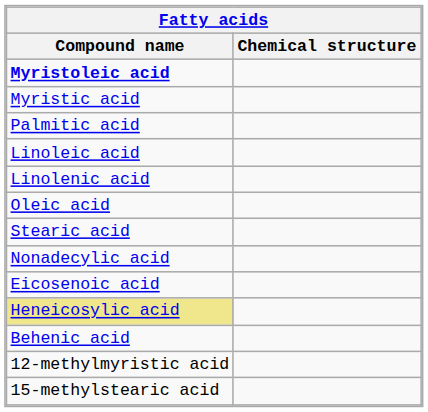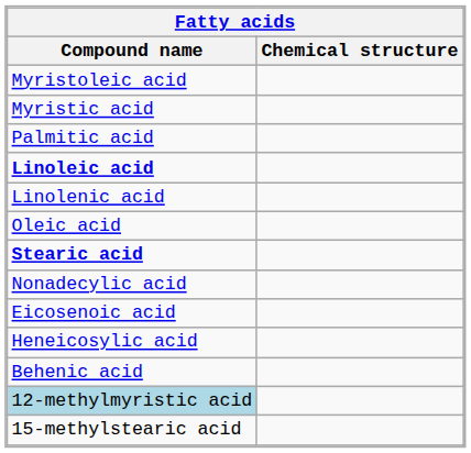 <table class="wikitable sortable" style="font-size:smaller; text-align:left; display: inline-block; vertical-align: top; margin-left: 2.5in">
 <tr>
 <th colspan=3><a href='#'>Fatty acids</a></th>
 </tr>
 <tr>
 <th scope="col">Compound name</th>
 <th scope="col" class="unsortable">Chemical structure</th>
 </tr>
 <tr>
-<td><strong><a href='#'>Myristoleic acid</a></strong></td>
+<td><a href='#'>Myristoleic acid</a></td>
 <td></td>
 </tr>
 <tr>
 <td><a href='#'>Myristic acid</a></td>
 <td></td>
 </tr>
 <tr>
 <td><a href='#'>Palmitic acid</a></td>
 <td></td>
 </tr>
 <tr>
-<td><a href='#'>Linoleic acid</a></td>
+<td><strong><a href='#'>Linoleic acid</a></strong></td>
 <td></td>
 </tr>
 <tr>
 <td><a href='#'>Linolenic acid</a></td>
 <td></td>
 </tr>
 <tr>
 <td><a href='#'>Oleic acid</a></td>
 <td></td>
 </tr>
 <tr>
-<td><a href='#'>Stearic acid</a></td>
+<td><strong><a href='#'>Stearic acid</a></strong></td>
 <td></td>
 </tr>
 <tr>
 <td><a href='#'>Nonadecylic acid</a></td>
 <td></td>
 </tr>
 <tr>
 <td><a href='#'>Eicosenoic acid</a></td>
 <td></td>
 </tr>
 <tr>
-<td style="background: khaki;"><a href='#'>Heneicosylic acid</a></td>
+<td><a href='#'>Heneicosylic acid</a></td>
 <td></td>
 </tr>
 <tr>
 <td><a href='#'>Behenic acid</a></td>
 <td></td>
 </tr>
 <tr>
-<td>12-methylmyristic acid</td>
+<td style="background: lightblue;">12-methylmyristic acid</td>
 <td></td>
 </tr>
 <tr>
 <td>15-methylstearic acid</td>
 <td></td>
 </tr>
 </table>
